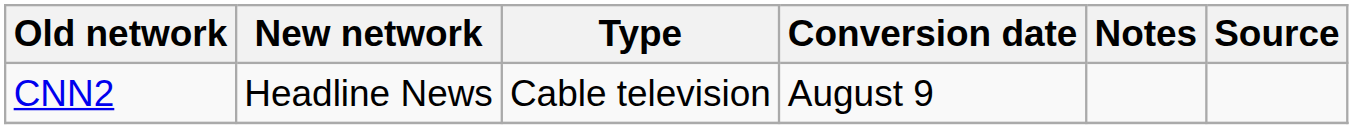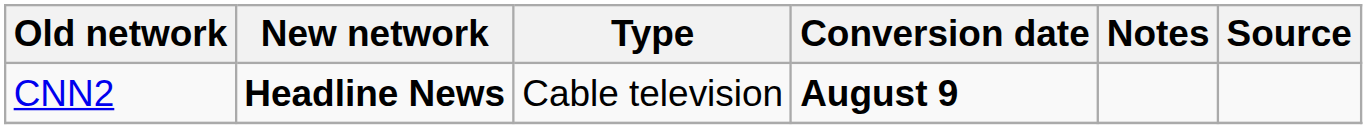 <table class="wikitable sortable">
 <tr>
 <th>Old network</th>
 <th>New network</th>
 <th>Type</th>
 <th>Conversion date</th>
 <th>Notes</th>
 <th>Source</th>
 </tr>
 <tr>
 <td><a href='#'>CNN2</a></td>
-<td>Headline News</td>
+<td><strong>Headline News</strong></td>
 <td>Cable television</td>
-<td>August 9</td>
+<td><strong>August 9</strong></td>
 <td></td>
 <td></td>
 </tr>
 <tr>
 </tr>
 </table>
